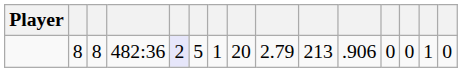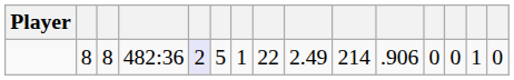 <table class="wikitable sortable" style="text-align:center;">
 <tr>
 <th>Player</th>
 <th></th>
 <th></th>
 <th></th>
 <th></th>
 <th></th>
 <th></th>
 <th></th>
 <th></th>
 <th></th>
 <th></th>
 <th></th>
 <th></th>
 <th></th>
 <th></th>
 </tr>
 <tr>
 <td></td>
 <td>8</td>
 <td>8</td>
 <td>482:36</td>
 <td style="background: lavender;">2</td>
 <td>5</td>
 <td>1</td>
-<td>20</td>
-<td>2.79</td>
-<td>213</td>
+<td>22</td>
+<td>2.49</td>
+<td>214</td>
 <td>.906</td>
 <td>0</td>
 <td>0</td>
 <td>1</td>
 <td>0</td>
 </tr>
 </table>
